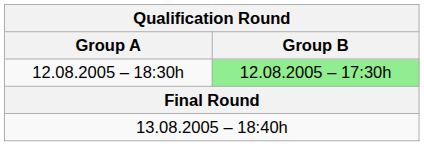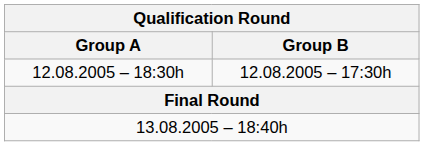 <table class="wikitable" style=" text-align:center; font-size:110%;" width="35%">
 <tr>
 <th colspan="2">Qualification Round</th>
 </tr>
 <tr>
 <th>Group A</th>
 <th>Group B</th>
 </tr>
 <tr>
 <td>12.08.2005 – 18:30h</td>
-<td style="background: lightgreen;">12.08.2005 – 17:30h</td>
+<td>12.08.2005 – 17:30h</td>
 </tr>
 <tr>
 <th colspan="2">Final Round</th>
 </tr>
 <tr>
 <td colspan="2">13.08.2005 – 18:40h</td>
 </tr>
 </table>
